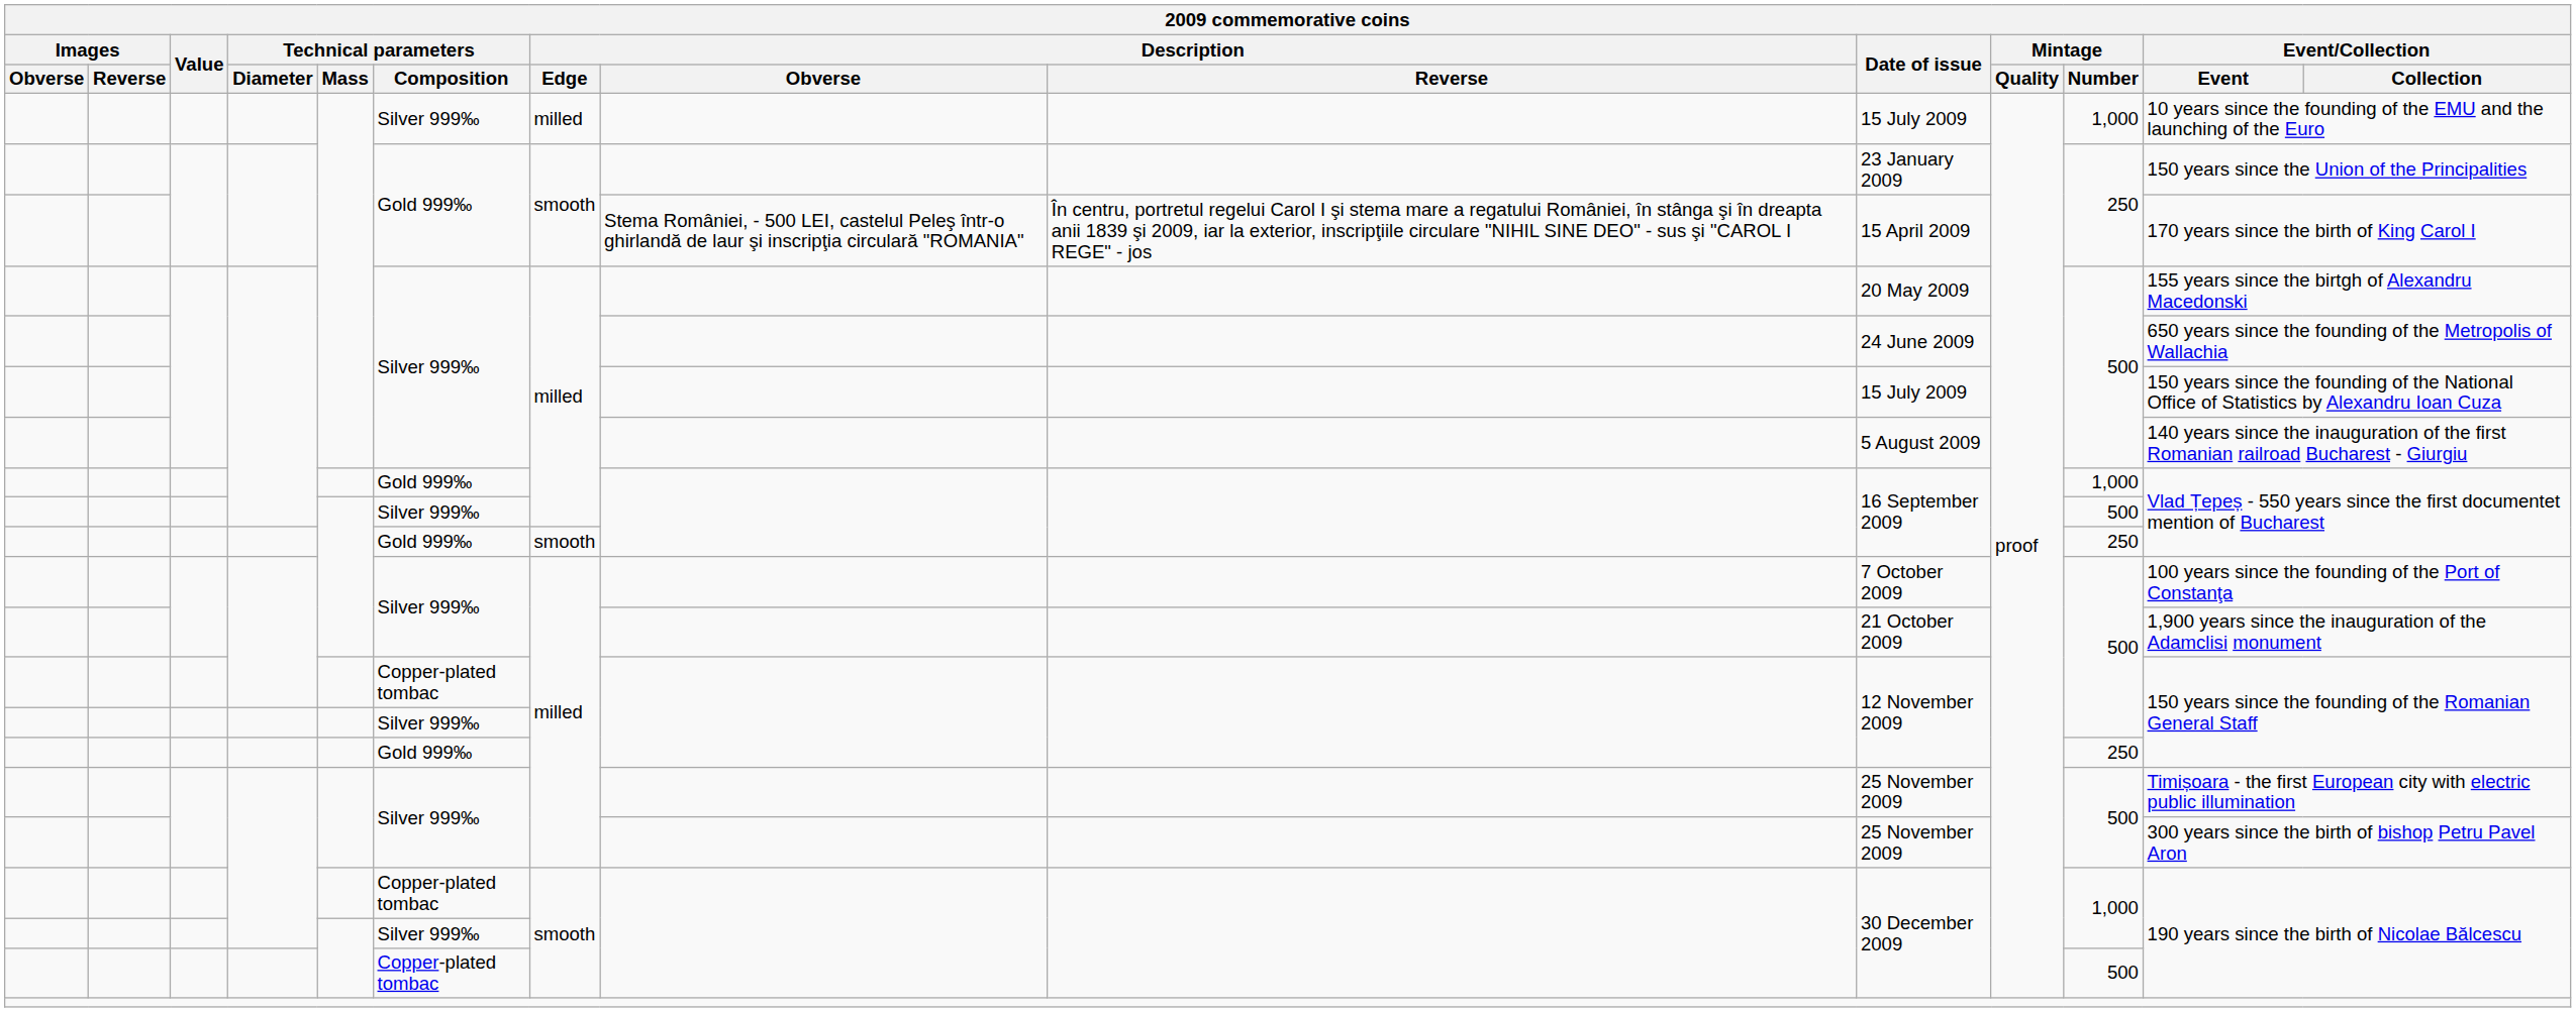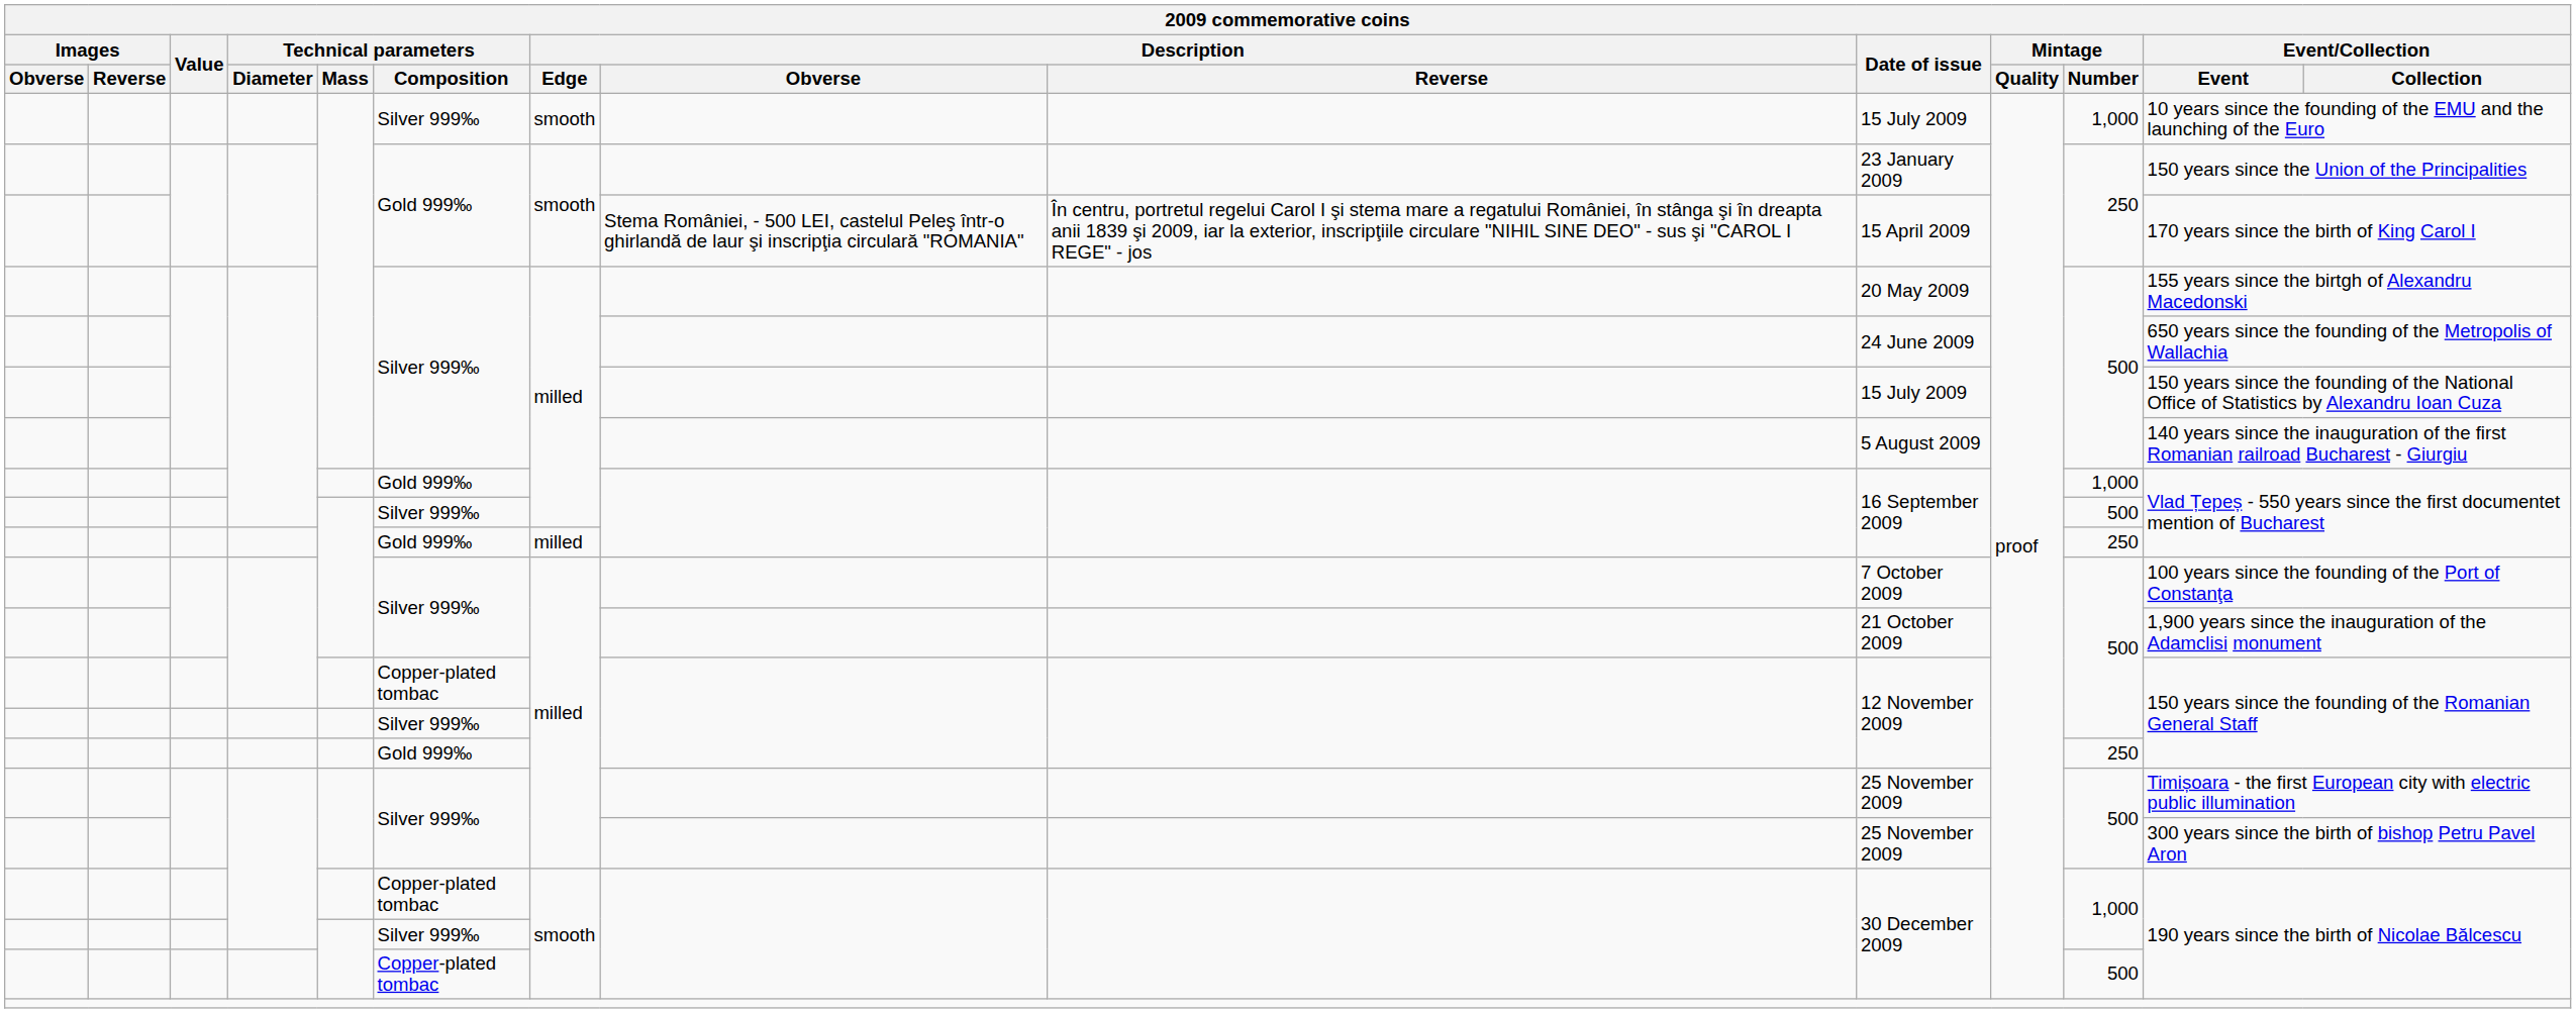 <table class="wikitable" style="font-size: 90%">
 <tr>
 <th colspan="14">2009 commemorative coins</th>
 </tr>
 <tr>
 <th colspan=2>Images</th>
 <th rowspan=2>Value</th>
 <th colspan=3>Technical parameters</th>
 <th colspan=3>Description</th>
 <th rowspan=2>Date of issue</th>
 <th colspan=2>Mintage</th>
 <th colspan=2>Event/Collection</th>
 </tr>
 <tr>
 <th>Obverse</th>
 <th>Reverse</th>
 <th>Diameter</th>
 <th>Mass</th>
 <th>Composition</th>
 <th>Edge</th>
 <th>Obverse</th>
 <th>Reverse</th>
 <th>Quality</th>
 <th>Number</th>
 <th>Event</th>
 <th>Collection</th>
 </tr>
 <tr>
 <td></td>
 <td></td>
 <td align = right></td>
 <td align = right></td>
 <td rowspan="7" align="right"></td>
 <td>Silver 999‰</td>
-<td>milled</td>
+<td>smooth</td>
 <td></td>
 <td></td>
 <td>15 July 2009</td>
 <td rowspan="20">proof</td>
 <td align = right>1,000</td>
 <td colspan = 2>10 years since the founding of the <a href='#'>EMU</a> and the launching of the <a href='#'>Euro</a></td>
 </tr>
 <tr>
 <td></td>
 <td></td>
 <td rowspan="2" align="right"></td>
 <td rowspan="2" align="right"></td>
 <td rowspan="2">Gold 999‰</td>
 <td rowspan="2">smooth</td>
 <td></td>
 <td></td>
 <td>23 January 2009</td>
 <td rowspan="2" align="right">250</td>
 <td colspan = 2>150 years since the <a href='#'>Union of the Principalities</a></td>
 </tr>
 <tr>
 <td></td>
 <td></td>
 <td>Stema României,  - 500 LEI, castelul Peleş într-o ghirlandă de laur şi inscripţia circulară "ROMANIA"</td>
 <td>În centru, portretul regelui Carol I şi stema mare a regatului României, în stânga şi în dreapta anii 1839 şi 2009, iar la exterior, inscripţiile circulare "NIHIL SINE DEO" - sus şi "CAROL I REGE" - jos</td>
 <td>15 April 2009</td>
 <td colspan = 2>170 years since the birth of <a href='#'>King</a> <a href='#'>Carol I</a></td>
 </tr>
 <tr>
 <td></td>
 <td></td>
 <td rowspan="4" align="right"></td>
 <td rowspan="6" align="right"></td>
 <td rowspan="4">Silver 999‰</td>
 <td rowspan="6">milled</td>
 <td></td>
 <td></td>
 <td>20 May 2009</td>
 <td rowspan="4" align="right">500</td>
 <td colspan = 2>155 years since the birtgh of <a href='#'>Alexandru Macedonski</a></td>
 </tr>
 <tr>
 <td></td>
 <td></td>
 <td></td>
 <td></td>
 <td>24 June 2009</td>
 <td colspan = 2>650 years since the founding of the <a href='#'>Metropolis of Wallachia</a></td>
 </tr>
 <tr>
 <td></td>
 <td></td>
 <td></td>
 <td></td>
 <td>15 July 2009</td>
 <td colspan = 2>150 years since the founding of the National Office of Statistics by <a href='#'>Alexandru Ioan Cuza</a></td>
 </tr>
 <tr>
 <td></td>
 <td></td>
 <td></td>
 <td></td>
 <td>5 August 2009</td>
 <td colspan = 2>140 years since the inauguration of the first <a href='#'>Romanian</a> <a href='#'>railroad</a> <a href='#'>Bucharest</a> - <a href='#'>Giurgiu</a></td>
 </tr>
 <tr>
 <td></td>
 <td></td>
 <td align = right></td>
 <td align = right></td>
 <td>Gold 999‰</td>
 <td rowspan = 3></td>
 <td rowspan = 3></td>
 <td rowspan = 3>16 September 2009</td>
 <td align = right>1,000</td>
 <td colspan = 2 rowspan = 3><a href='#'>Vlad Țepeș</a> - 550 years since the first documentet mention of <a href='#'>Bucharest</a></td>
 </tr>
 <tr>
 <td></td>
 <td></td>
 <td align = right></td>
 <td rowspan="4" align="right"></td>
 <td>Silver 999‰</td>
 <td align = right>500</td>
 </tr>
 <tr>
 <td></td>
 <td></td>
 <td align = right></td>
 <td align = right></td>
 <td>Gold 999‰</td>
-<td>smooth</td>
+<td>milled</td>
 <td align = right>250</td>
 </tr>
 <tr>
 <td></td>
 <td></td>
 <td rowspan="2" align="right"></td>
 <td rowspan="3" align="right"></td>
 <td rowspan="2">Silver 999‰</td>
 <td rowspan="7">milled</td>
 <td></td>
 <td></td>
 <td>7 October 2009</td>
 <td rowspan="4" align="right">500</td>
 <td colspan = 2>100 years since the founding of the <a href='#'>Port of</a> <a href='#'>Constanţa</a></td>
 </tr>
 <tr>
 <td></td>
 <td></td>
 <td></td>
 <td></td>
 <td>21 October 2009</td>
 <td colspan="2">1,900 years since the inauguration of the <a href='#'>Adamclisi</a> <a href='#'>monument</a></td>
 </tr>
 <tr>
 <td></td>
 <td></td>
 <td align = right></td>
 <td align = right></td>
 <td>Copper-plated tombac</td>
 <td rowspan = 3></td>
 <td rowspan = 3></td>
 <td rowspan = 3>12 November 2009</td>
 <td colspan = 2 rowspan = 3>150 years since the founding of the <a href='#'>Romanian General Staff</a></td>
 </tr>
 <tr>
 <td></td>
 <td></td>
 <td align = right></td>
 <td align = right></td>
 <td align = right></td>
 <td>Silver 999‰</td>
 </tr>
 <tr>
 <td></td>
 <td></td>
 <td align = right></td>
 <td align = right></td>
 <td align = right></td>
 <td>Gold 999‰</td>
 <td align = right>250</td>
 </tr>
 <tr>
 <td></td>
 <td></td>
 <td rowspan="2" align="right"></td>
 <td rowspan="4" align="right"></td>
 <td rowspan="2" align="right"></td>
 <td rowspan="2">Silver 999‰</td>
 <td></td>
 <td></td>
 <td>25 November 2009</td>
 <td rowspan="2" align="right">500</td>
 <td colspan = 2><a href='#'>Timișoara</a> - the first <a href='#'>European</a> city with <a href='#'>electric public illumination</a></td>
 </tr>
 <tr>
 <td></td>
 <td></td>
 <td></td>
 <td></td>
 <td>25 November 2009</td>
 <td colspan = 2>300 years since the birth of <a href='#'>bishop</a> <a href='#'>Petru Pavel Aron</a></td>
 </tr>
 <tr>
 <td></td>
 <td></td>
 <td align = right></td>
 <td align = right></td>
 <td>Copper-plated tombac</td>
 <td rowspan = 3>smooth</td>
 <td rowspan = 3></td>
 <td rowspan = 3></td>
 <td rowspan = 3>30 December 2009</td>
 <td rowspan="2" align="right">1,000</td>
 <td colspan = 2 rowspan = 3>190 years since the birth of <a href='#'>Nicolae Bălcescu</a></td>
 </tr>
 <tr>
 <td></td>
 <td></td>
 <td align = right></td>
 <td rowspan="2" align="right"></td>
 <td>Silver 999‰</td>
 </tr>
 <tr>
 <td></td>
 <td></td>
 <td align = right></td>
 <td align = right></td>
 <td><a href='#'>Copper</a>-plated <a href='#'>tombac</a></td>
 <td align = right>500</td>
 </tr>
 <tr>
 <td colspan="14"></td>
 </tr>
 </table>
